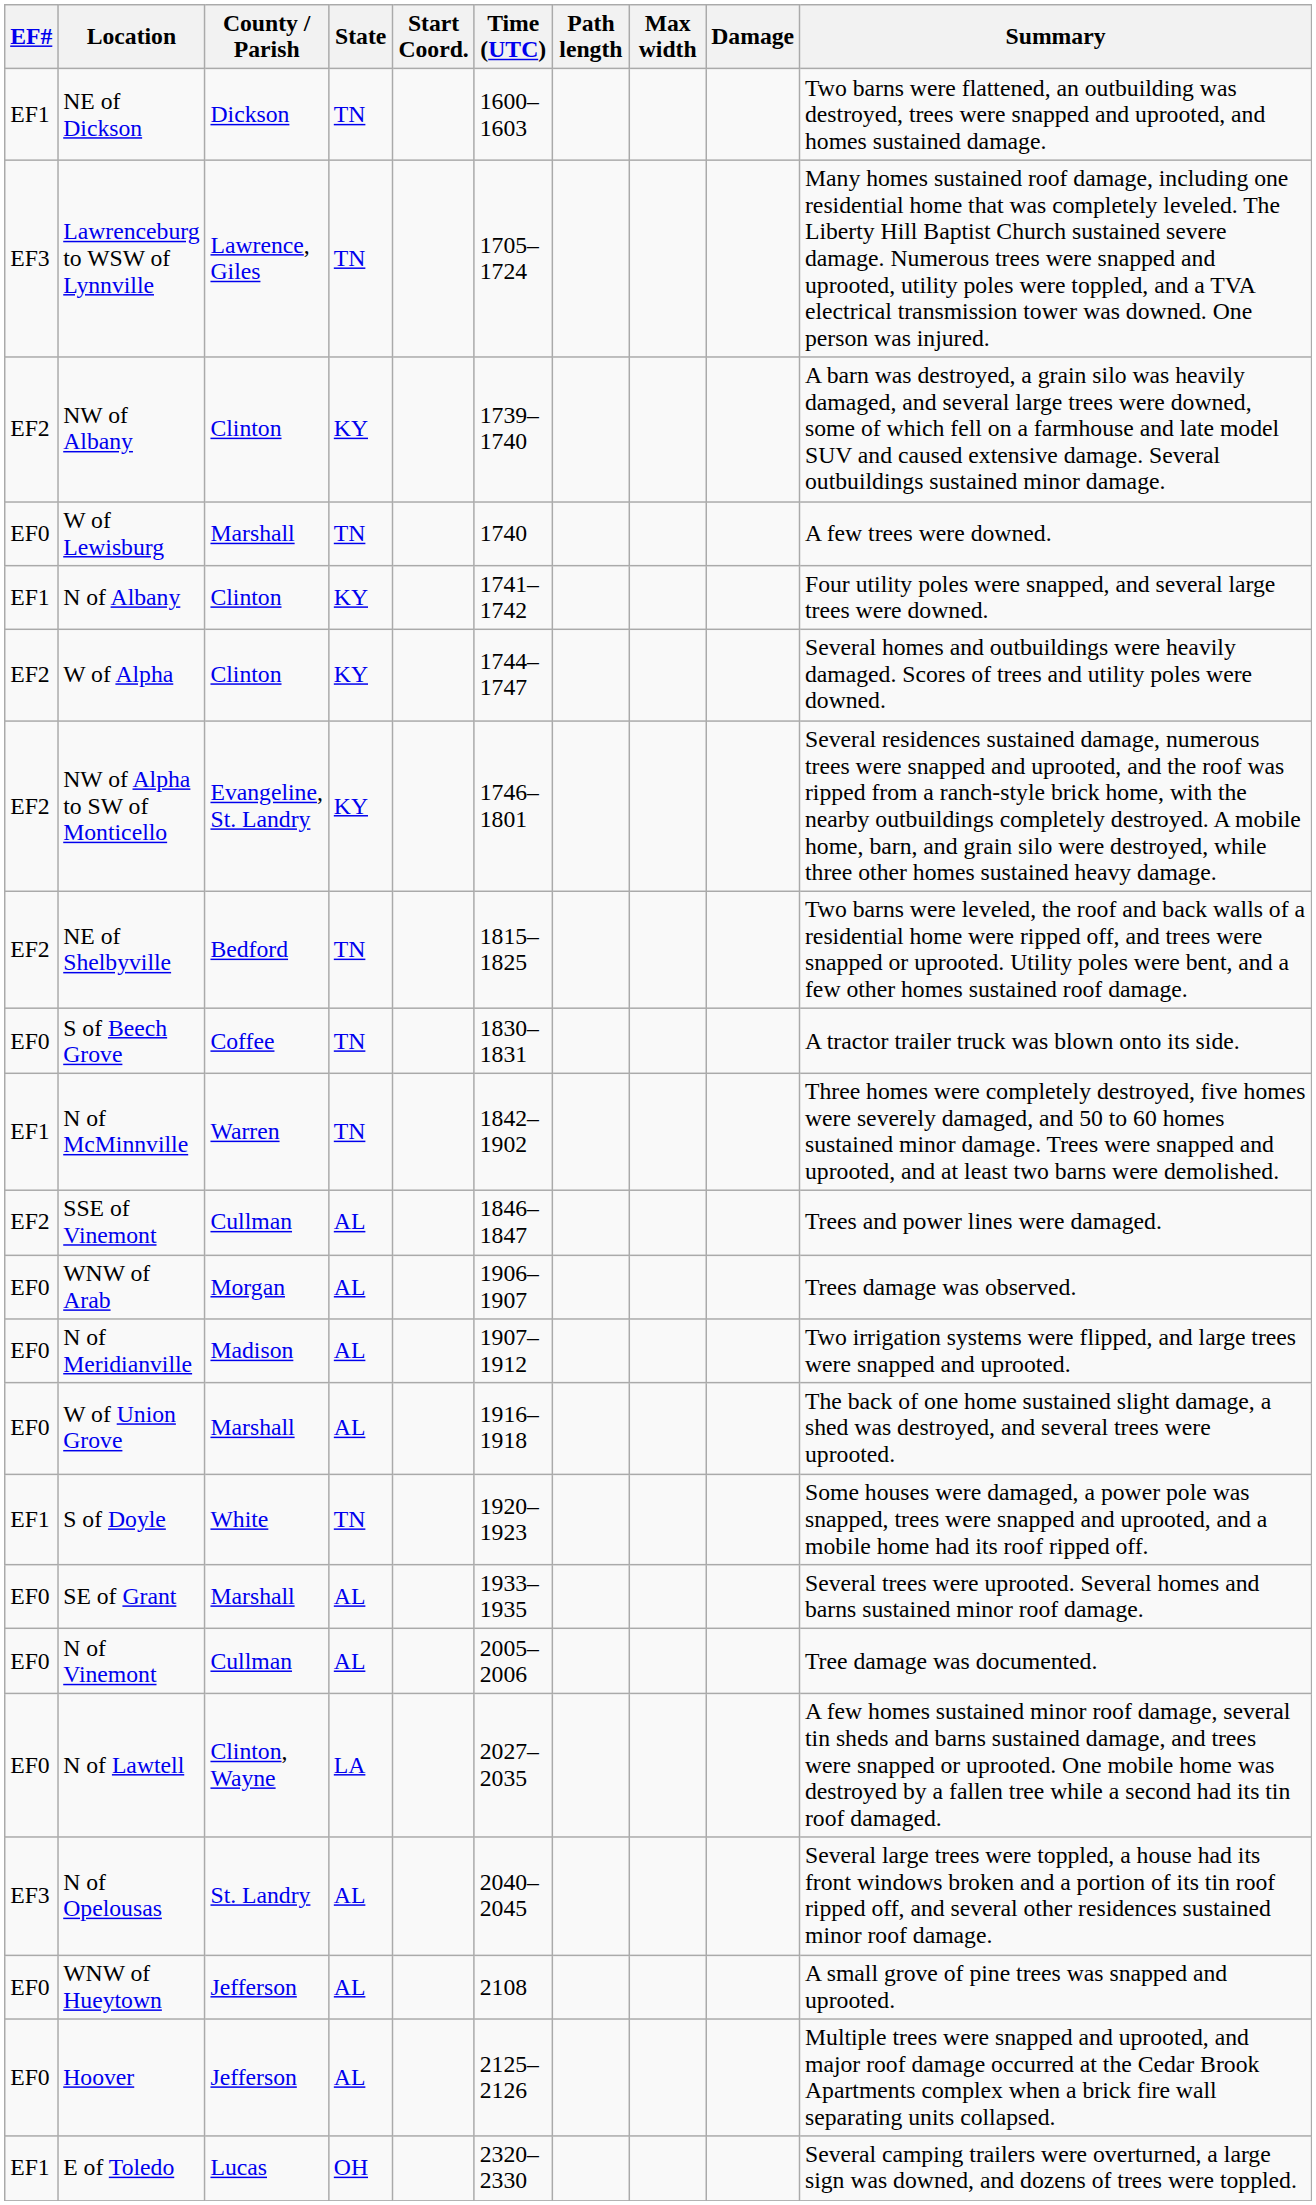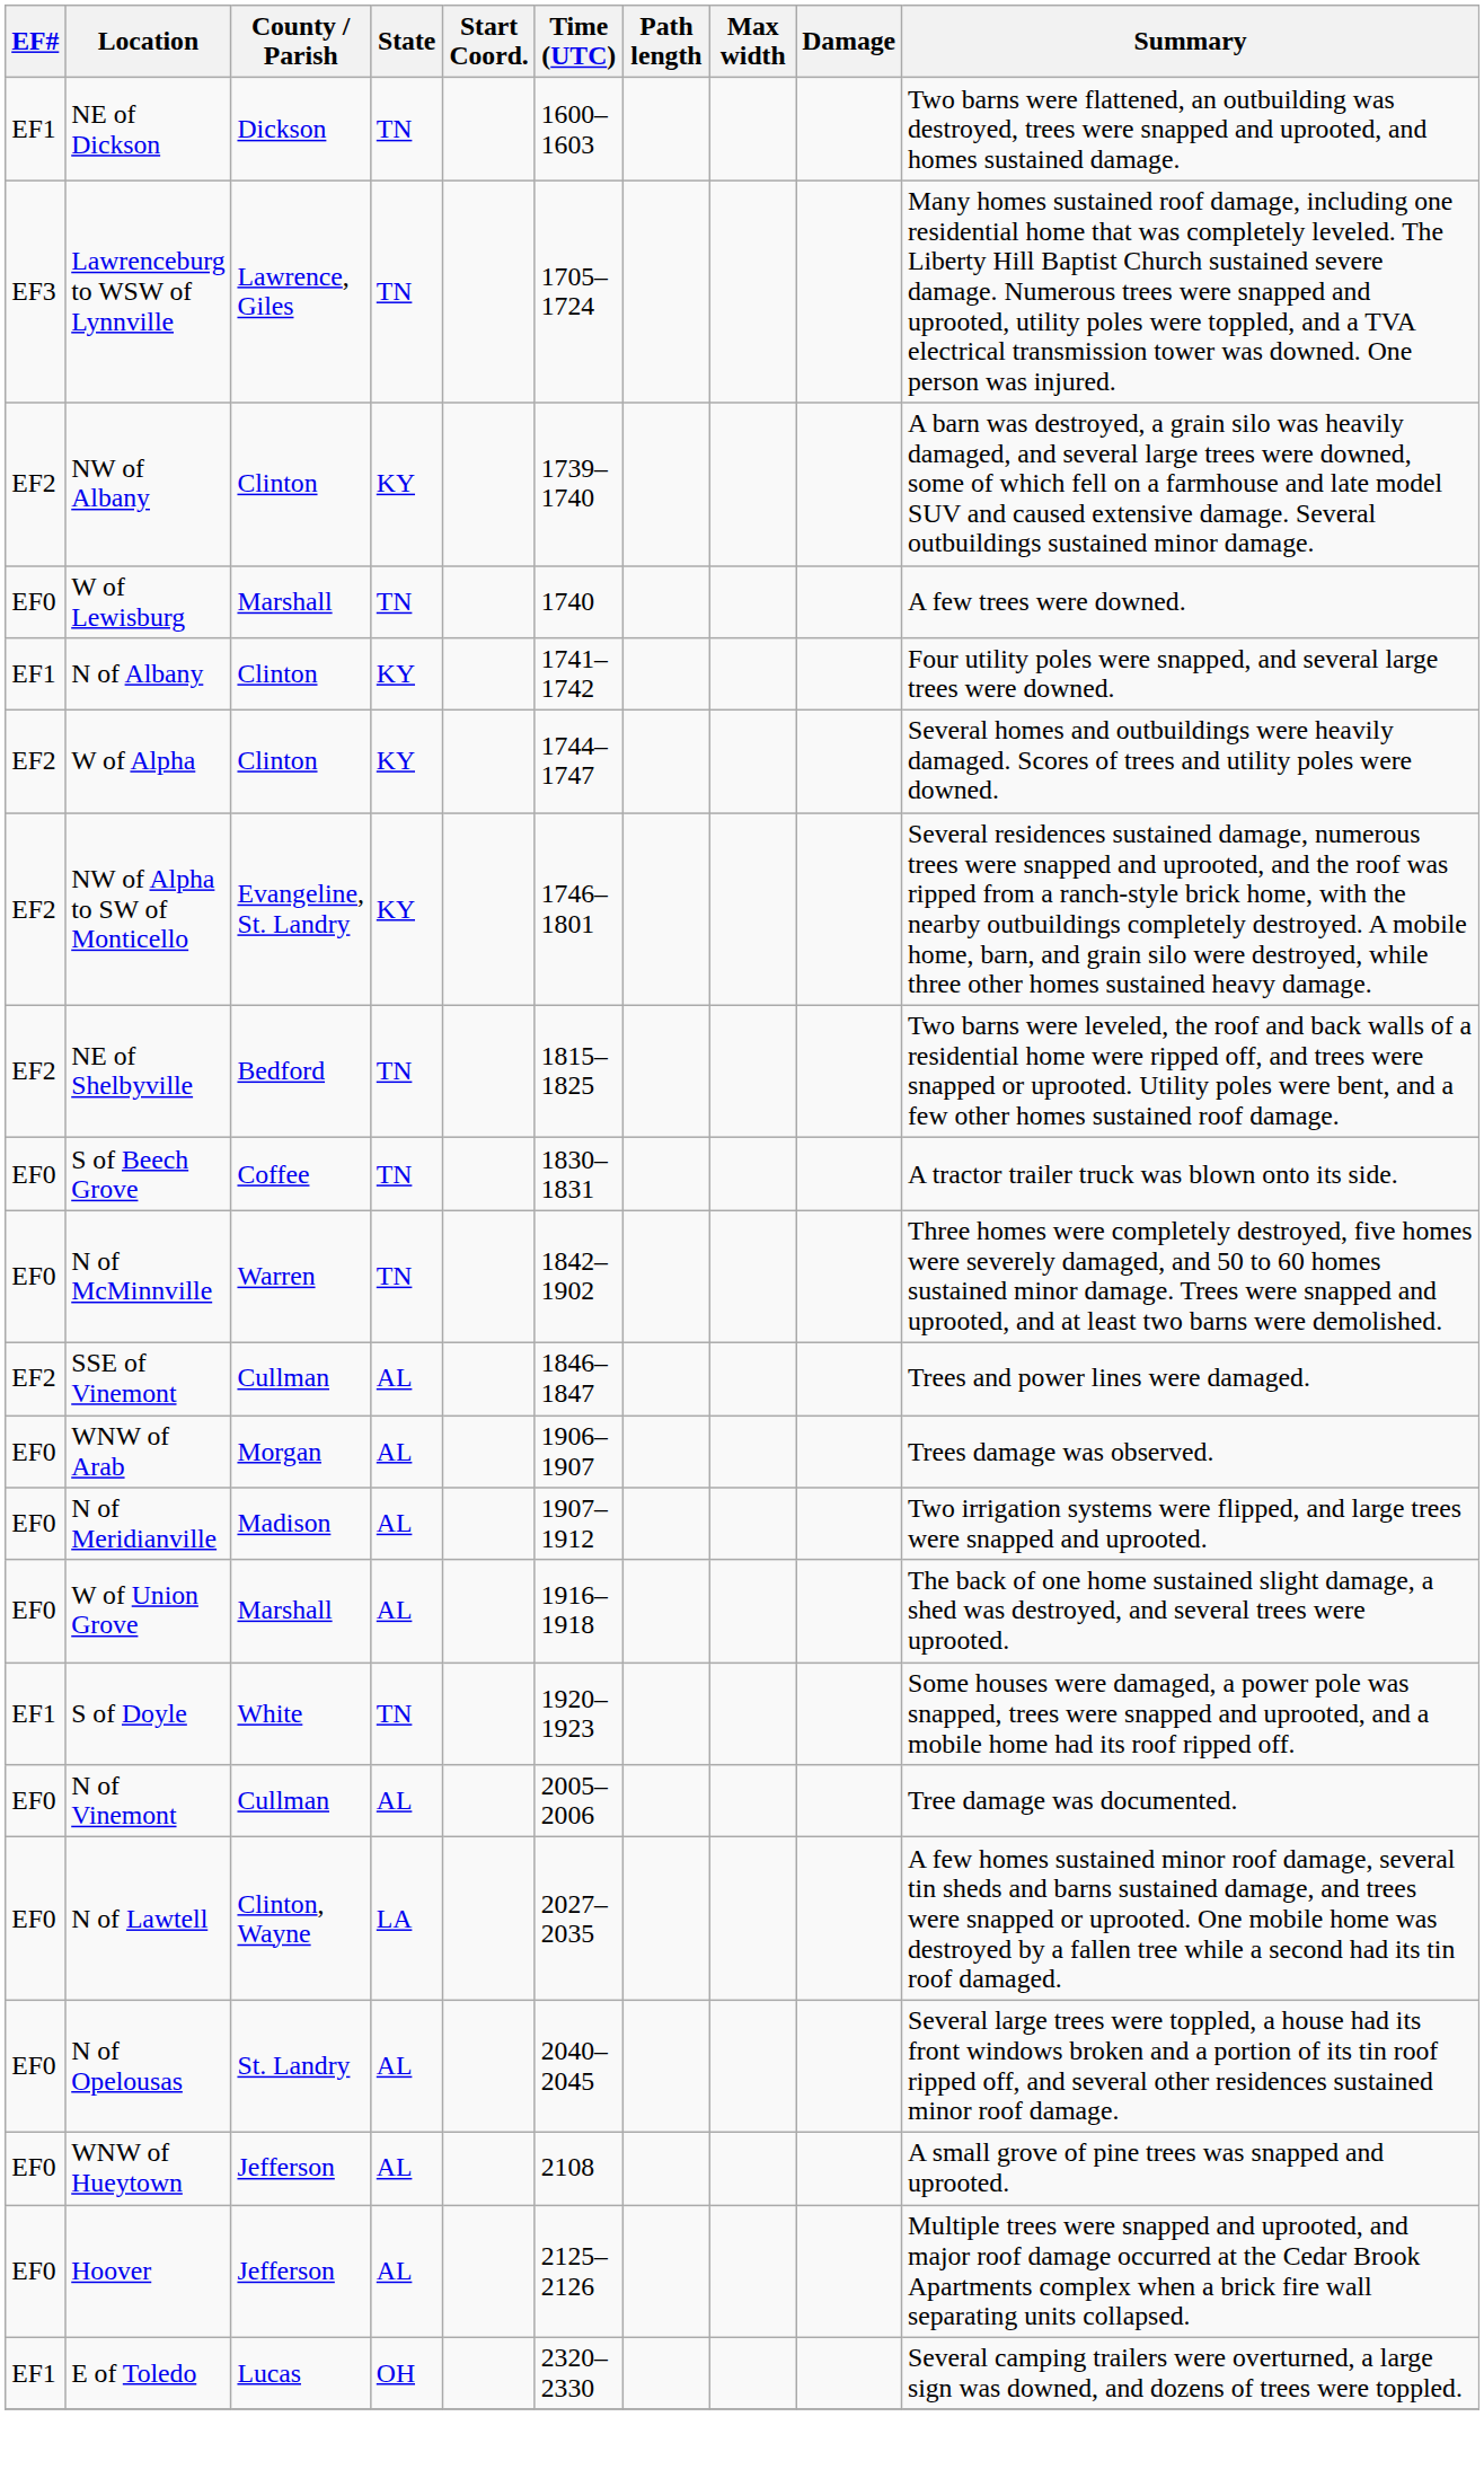 <table class="wikitable sortable" style="width:100%;">
 <tr>
 <th scope="col" width="3%" align="center"><a href='#'>EF#</a></th>
 <th scope="col" width="7%" align="center" class="unsortable">Location</th>
 <th scope="col" width="6%" align="center" class="unsortable">County / Parish</th>
 <th scope="col" width="5%" align="center">State</th>
 <th scope="col" width="6%" align="center">Start Coord.</th>
 <th scope="col" width="6%" align="center">Time (<a href='#'>UTC</a>)</th>
 <th scope="col" width="6%" align="center">Path length</th>
 <th scope="col" width="6%" align="center">Max width</th>
 <th scope="col" width="6%" align="center">Damage</th>
 <th scope="col" width="48%" class="unsortable" align="center">Summary</th>
 </tr>
 <tr>
 <td>EF1</td>
 <td>NE of <a href='#'>Dickson</a></td>
 <td><a href='#'>Dickson</a></td>
 <td><a href='#'>TN</a></td>
 <td></td>
 <td>1600–1603</td>
 <td></td>
 <td></td>
 <td></td>
 <td>Two barns were flattened, an outbuilding was destroyed, trees were snapped and uprooted, and homes sustained damage.</td>
 </tr>
 <tr>
 <td>EF3</td>
 <td><a href='#'>Lawrenceburg</a> to WSW of <a href='#'>Lynnville</a></td>
 <td><a href='#'>Lawrence</a>, <a href='#'>Giles</a></td>
 <td><a href='#'>TN</a></td>
 <td></td>
 <td>1705–1724</td>
 <td></td>
 <td></td>
 <td></td>
 <td>Many homes sustained roof damage, including one residential home that was completely leveled. The Liberty Hill Baptist Church sustained severe damage. Numerous trees were snapped and uprooted, utility poles were toppled, and a TVA electrical transmission tower was downed. One person was injured.</td>
 </tr>
 <tr>
 <td>EF2</td>
 <td>NW of <a href='#'>Albany</a></td>
 <td><a href='#'>Clinton</a></td>
 <td><a href='#'>KY</a></td>
 <td></td>
 <td>1739–1740</td>
 <td></td>
 <td></td>
 <td></td>
 <td>A barn was destroyed, a grain silo was heavily damaged, and several large trees were downed, some of which fell on a farmhouse and late model SUV and caused extensive damage. Several outbuildings sustained minor damage.</td>
 </tr>
 <tr>
 <td>EF0</td>
 <td>W of <a href='#'>Lewisburg</a></td>
 <td><a href='#'>Marshall</a></td>
 <td><a href='#'>TN</a></td>
 <td></td>
 <td>1740</td>
 <td></td>
 <td></td>
 <td></td>
 <td>A few trees were downed.</td>
 </tr>
 <tr>
 <td>EF1</td>
 <td>N of <a href='#'>Albany</a></td>
 <td><a href='#'>Clinton</a></td>
 <td><a href='#'>KY</a></td>
 <td></td>
 <td>1741–1742</td>
 <td></td>
 <td></td>
 <td></td>
 <td>Four utility poles were snapped, and several large trees were downed.</td>
 </tr>
 <tr>
 <td>EF2</td>
 <td>W of <a href='#'>Alpha</a></td>
 <td><a href='#'>Clinton</a></td>
 <td><a href='#'>KY</a></td>
 <td></td>
 <td>1744–1747</td>
 <td></td>
 <td></td>
 <td></td>
 <td>Several homes and outbuildings were heavily damaged. Scores of trees and utility poles were downed.</td>
 </tr>
 <tr>
 <td>EF2</td>
 <td>NW of <a href='#'>Alpha</a> to SW of <a href='#'>Monticello</a></td>
 <td><a href='#'>Evangeline</a>, <a href='#'>St. Landry</a></td>
 <td><a href='#'>KY</a></td>
 <td></td>
 <td>1746–1801</td>
 <td></td>
 <td></td>
 <td></td>
 <td>Several residences sustained damage, numerous trees were snapped and uprooted, and the roof was ripped from a ranch-style brick home, with the nearby outbuildings completely destroyed. A mobile home, barn, and grain silo were destroyed, while three other homes sustained heavy damage.</td>
 </tr>
 <tr>
 <td>EF2</td>
 <td>NE of <a href='#'>Shelbyville</a></td>
 <td><a href='#'>Bedford</a></td>
 <td><a href='#'>TN</a></td>
 <td></td>
 <td>1815–1825</td>
 <td></td>
 <td></td>
 <td></td>
 <td>Two barns were leveled, the roof and back walls of a residential home were ripped off, and trees were snapped or uprooted. Utility poles were bent, and a few other homes sustained roof damage.</td>
 </tr>
 <tr>
 <td>EF0</td>
 <td>S of <a href='#'>Beech Grove</a></td>
 <td><a href='#'>Coffee</a></td>
 <td><a href='#'>TN</a></td>
 <td></td>
 <td>1830–1831</td>
 <td></td>
 <td></td>
 <td></td>
 <td>A tractor trailer truck was blown onto its side.</td>
 </tr>
 <tr>
-<td>EF1</td>
+<td>EF0</td>
 <td>N of <a href='#'>McMinnville</a></td>
 <td><a href='#'>Warren</a></td>
 <td><a href='#'>TN</a></td>
 <td></td>
 <td>1842–1902</td>
 <td></td>
 <td></td>
 <td></td>
 <td>Three homes were completely destroyed, five homes were severely damaged, and 50 to 60 homes sustained minor damage. Trees were snapped and uprooted, and at least two barns were demolished.</td>
 </tr>
 <tr>
 <td>EF2</td>
 <td>SSE of <a href='#'>Vinemont</a></td>
 <td><a href='#'>Cullman</a></td>
 <td><a href='#'>AL</a></td>
 <td></td>
 <td>1846–1847</td>
 <td></td>
 <td></td>
 <td></td>
 <td>Trees and power lines were damaged.</td>
 </tr>
 <tr>
 <td>EF0</td>
 <td>WNW of <a href='#'>Arab</a></td>
 <td><a href='#'>Morgan</a></td>
 <td><a href='#'>AL</a></td>
 <td></td>
 <td>1906–1907</td>
 <td></td>
 <td></td>
 <td></td>
 <td>Trees damage was observed.</td>
 </tr>
 <tr>
 <td>EF0</td>
 <td>N of <a href='#'>Meridianville</a></td>
 <td><a href='#'>Madison</a></td>
 <td><a href='#'>AL</a></td>
 <td></td>
 <td>1907–1912</td>
 <td></td>
 <td></td>
 <td></td>
 <td>Two irrigation systems were flipped, and large trees were snapped and uprooted.</td>
 </tr>
 <tr>
 <td>EF0</td>
 <td>W of <a href='#'>Union Grove</a></td>
 <td><a href='#'>Marshall</a></td>
 <td><a href='#'>AL</a></td>
 <td></td>
 <td>1916–1918</td>
 <td></td>
 <td></td>
 <td></td>
 <td>The back of one home sustained slight damage, a shed was destroyed, and several trees were uprooted.</td>
 </tr>
 <tr>
 <td>EF1</td>
 <td>S of <a href='#'>Doyle</a></td>
 <td><a href='#'>White</a></td>
 <td><a href='#'>TN</a></td>
 <td></td>
 <td>1920–1923</td>
 <td></td>
 <td></td>
 <td></td>
 <td>Some houses were damaged, a power pole was snapped, trees were snapped and uprooted, and a mobile home had its roof ripped off.</td>
 </tr>
 <tr>
 <td>EF0</td>
-<td>SE of <a href='#'>Grant</a></td>
-<td><a href='#'>Marshall</a></td>
-<td><a href='#'>AL</a></td>
-<td></td>
-<td>1933–1935</td>
-<td></td>
-<td></td>
-<td></td>
-<td>Several trees were uprooted. Several homes and barns sustained minor roof damage.</td>
-</tr>
-<tr>
-<td>EF0</td>
 <td>N of <a href='#'>Vinemont</a></td>
 <td><a href='#'>Cullman</a></td>
 <td><a href='#'>AL</a></td>
 <td></td>
 <td>2005–2006</td>
 <td></td>
 <td></td>
 <td></td>
 <td>Tree damage was documented.</td>
 </tr>
 <tr>
 <td>EF0</td>
 <td>N of <a href='#'>Lawtell</a></td>
 <td><a href='#'>Clinton</a>, <a href='#'>Wayne</a></td>
 <td><a href='#'>LA</a></td>
 <td></td>
 <td>2027–2035</td>
 <td></td>
 <td></td>
 <td></td>
 <td>A few homes sustained minor roof damage, several tin sheds and barns sustained damage, and trees were snapped or uprooted. One mobile home was destroyed by a fallen tree while a second had its tin roof damaged.</td>
 </tr>
 <tr>
-<td>EF3</td>
+<td>EF0</td>
 <td>N of <a href='#'>Opelousas</a></td>
 <td><a href='#'>St. Landry</a></td>
 <td><a href='#'>AL</a></td>
 <td></td>
 <td>2040–2045</td>
 <td></td>
 <td></td>
 <td></td>
 <td>Several large trees were toppled, a house had its front windows broken and a portion of its tin roof ripped off, and several other residences sustained minor roof damage.</td>
 </tr>
 <tr>
 <td>EF0</td>
 <td>WNW of <a href='#'>Hueytown</a></td>
 <td><a href='#'>Jefferson</a></td>
 <td><a href='#'>AL</a></td>
 <td></td>
 <td>2108</td>
 <td></td>
 <td></td>
 <td></td>
 <td>A small grove of pine trees was snapped and uprooted.</td>
 </tr>
 <tr>
 <td>EF0</td>
 <td><a href='#'>Hoover</a></td>
 <td><a href='#'>Jefferson</a></td>
 <td><a href='#'>AL</a></td>
 <td></td>
 <td>2125–2126</td>
 <td></td>
 <td></td>
 <td></td>
 <td>Multiple trees were snapped and uprooted, and major roof damage occurred at the Cedar Brook Apartments complex when a brick fire wall separating units collapsed.</td>
 </tr>
 <tr>
 <td>EF1</td>
 <td>E of <a href='#'>Toledo</a></td>
 <td><a href='#'>Lucas</a></td>
 <td><a href='#'>OH</a></td>
 <td></td>
 <td>2320–2330</td>
 <td></td>
 <td></td>
 <td></td>
 <td>Several camping trailers were overturned, a large sign was downed, and dozens of trees were toppled.</td>
 </tr>
 <tr>
 </tr>
 </table>
